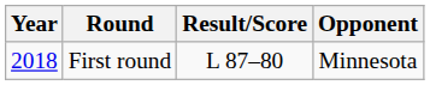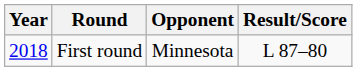 <table class="wikitable" style="text-align:center;">
 <tr>
 <th>Year</th>
 <th>Round</th>
+<th>Opponent</th>
 <th>Result/Score</th>
-<th>Opponent</th>
 </tr>
 <tr>
 <td><a href='#'>2018</a></td>
 <td>First round</td>
+<td>Minnesota</td>
 <td>L 87–80</td>
-<td>Minnesota</td>
 </tr>
 </table>
